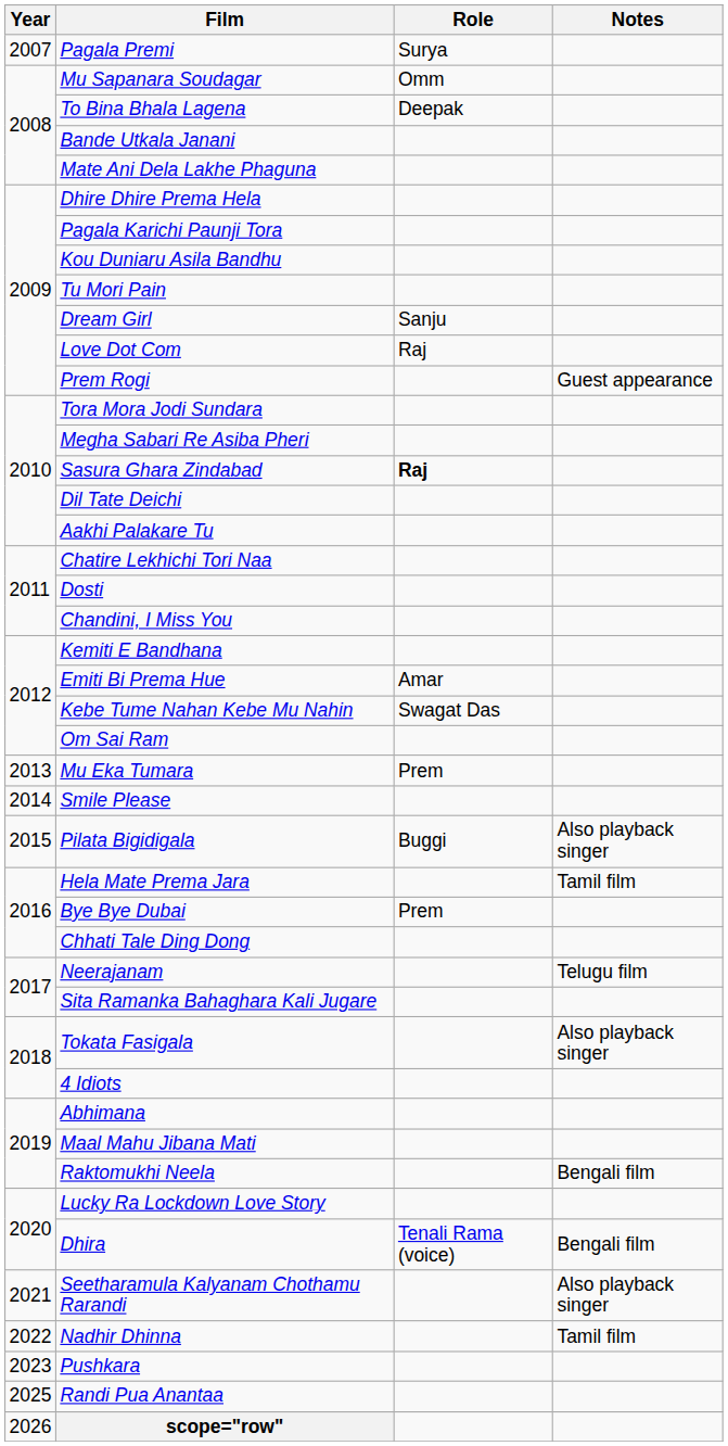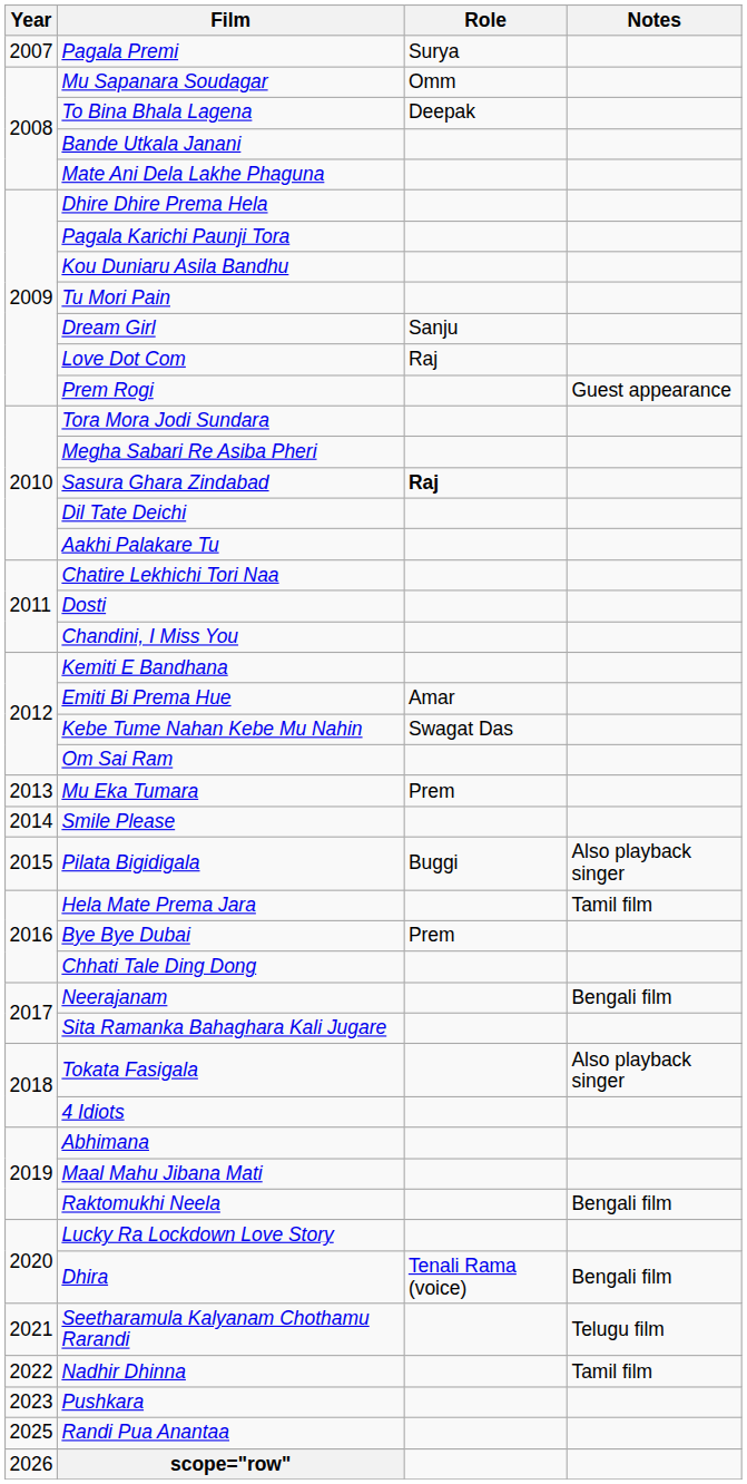 <table class="wikitable sortable">
 <tr>
 <th>Year</th>
 <th>Film</th>
 <th>Role</th>
 <th>Notes</th>
 </tr>
 <tr>
 <td>2007</td>
 <td><em><a href='#'>Pagala Premi</a></em></td>
 <td>Surya</td>
 <td></td>
 </tr>
 <tr>
 <td rowspan="4">2008</td>
 <td><em><a href='#'>Mu Sapanara Soudagar</a></em></td>
 <td>Omm</td>
 <td></td>
 </tr>
 <tr>
 <td><em><a href='#'>To Bina Bhala Lagena</a></em></td>
 <td>Deepak</td>
 <td></td>
 </tr>
 <tr>
 <td><em><a href='#'>Bande Utkala Janani</a></em></td>
 <td></td>
 <td></td>
 </tr>
 <tr>
 <td><em><a href='#'>Mate Ani Dela Lakhe Phaguna</a></em></td>
 <td></td>
 <td></td>
 </tr>
 <tr>
 <td rowspan="7">2009</td>
 <td><em><a href='#'>Dhire Dhire Prema Hela</a></em></td>
 <td></td>
 <td></td>
 </tr>
 <tr>
 <td><em><a href='#'>Pagala Karichi Paunji Tora</a></em></td>
 <td></td>
 <td></td>
 </tr>
 <tr>
 <td><em><a href='#'>Kou Duniaru Asila Bandhu</a></em></td>
 <td></td>
 <td></td>
 </tr>
 <tr>
 <td><em><a href='#'>Tu Mori Pain</a></em></td>
 <td></td>
 <td></td>
 </tr>
 <tr>
 <td><em><a href='#'>Dream Girl</a></em></td>
 <td>Sanju</td>
 <td></td>
 </tr>
 <tr>
 <td><em><a href='#'>Love Dot Com</a></em></td>
 <td>Raj</td>
 <td></td>
 </tr>
 <tr>
 <td><em><a href='#'>Prem Rogi</a></em></td>
 <td></td>
 <td>Guest appearance</td>
 </tr>
 <tr>
 <td rowspan="5">2010</td>
 <td><em><a href='#'>Tora Mora Jodi Sundara</a></em></td>
 <td></td>
 <td></td>
 </tr>
 <tr>
 <td><em><a href='#'>Megha Sabari Re Asiba Pheri</a></em></td>
 <td></td>
 <td></td>
 </tr>
 <tr>
 <td><em><a href='#'>Sasura Ghara Zindabad</a></em></td>
 <td><strong>Raj</strong></td>
 <td></td>
 </tr>
 <tr>
 <td><em><a href='#'>Dil Tate Deichi</a></em></td>
 <td></td>
 <td></td>
 </tr>
 <tr>
 <td><em><a href='#'>Aakhi Palakare Tu</a></em></td>
 <td></td>
 <td></td>
 </tr>
 <tr>
 <td rowspan="3">2011</td>
 <td><em><a href='#'>Chatire Lekhichi Tori Naa</a></em></td>
 <td></td>
 <td></td>
 </tr>
 <tr>
 <td><em><a href='#'>Dosti</a></em></td>
 <td></td>
 <td></td>
 </tr>
 <tr>
 <td><em><a href='#'>Chandini, I Miss You</a></em></td>
 <td></td>
 <td></td>
 </tr>
 <tr>
 <td rowspan="4">2012</td>
 <td><em><a href='#'>Kemiti E Bandhana</a></em></td>
 <td></td>
 <td></td>
 </tr>
 <tr>
 <td><em><a href='#'>Emiti Bi Prema Hue</a></em></td>
 <td>Amar</td>
 <td></td>
 </tr>
 <tr>
 <td><em><a href='#'>Kebe Tume Nahan Kebe Mu Nahin</a></em></td>
 <td>Swagat Das</td>
 <td></td>
 </tr>
 <tr>
 <td><em><a href='#'>Om Sai Ram</a></em></td>
 <td></td>
 <td></td>
 </tr>
 <tr>
 <td>2013</td>
 <td><em><a href='#'>Mu Eka Tumara</a></em></td>
 <td>Prem</td>
 <td></td>
 </tr>
 <tr>
 <td>2014</td>
 <td><em><a href='#'>Smile Please</a></em></td>
 <td></td>
 <td></td>
 </tr>
 <tr>
 <td>2015</td>
 <td><em><a href='#'>Pilata Bigidigala</a></em></td>
 <td>Buggi</td>
 <td>Also playback singer</td>
 </tr>
 <tr>
 <td rowspan="3">2016</td>
 <td><em><a href='#'>Hela Mate Prema Jara</a></em></td>
 <td></td>
 <td>Tamil film</td>
 </tr>
 <tr>
 <td><em><a href='#'>Bye Bye Dubai</a></em></td>
 <td>Prem</td>
 <td></td>
 </tr>
 <tr>
 <td><em><a href='#'>Chhati Tale Ding Dong</a></em></td>
 <td></td>
 <td></td>
 </tr>
 <tr>
 <td rowspan="2">2017</td>
 <td><em><a href='#'>Neerajanam</a></em></td>
 <td></td>
-<td>Telugu film</td>
+<td>Bengali film</td>
 </tr>
 <tr>
 <td><em><a href='#'>Sita Ramanka Bahaghara Kali Jugare</a></em></td>
 <td></td>
 <td></td>
 </tr>
 <tr>
 <td rowspan="2">2018</td>
 <td><em><a href='#'>Tokata Fasigala</a></em></td>
 <td></td>
 <td>Also playback singer</td>
 </tr>
 <tr>
 <td><em><a href='#'>4 Idiots</a></em></td>
 <td></td>
 <td></td>
 </tr>
 <tr>
 <td rowspan="3">2019</td>
 <td><em><a href='#'>Abhimana</a></em></td>
 <td></td>
 <td></td>
 </tr>
 <tr>
 <td><em><a href='#'>Maal Mahu Jibana Mati</a> </em></td>
 <td></td>
 <td></td>
 </tr>
 <tr>
 <td><em><a href='#'>Raktomukhi Neela</a></em></td>
 <td></td>
 <td>Bengali film</td>
 </tr>
 <tr>
 <td rowspan="2">2020</td>
 <td><em><a href='#'>Lucky Ra Lockdown Love Story</a></em></td>
 <td></td>
 <td></td>
 </tr>
 <tr>
 <td><em><a href='#'>Dhira</a></em></td>
 <td><a href='#'>Tenali Rama</a> (voice)</td>
 <td>Bengali film</td>
 </tr>
 <tr>
 <td>2021</td>
 <td><em><a href='#'>Seetharamula Kalyanam Chothamu Rarandi</a></em></td>
 <td></td>
-<td>Also playback singer</td>
+<td>Telugu film</td>
 </tr>
 <tr>
 <td>2022</td>
 <td><em><a href='#'>Nadhir Dhinna</a></em></td>
 <td></td>
 <td>Tamil film</td>
 </tr>
 <tr>
 <td>2023</td>
 <td><em><a href='#'>Pushkara</a></em></td>
 <td></td>
 <td></td>
 </tr>
 <tr>
 <td>2025</td>
 <td><em><a href='#'>Randi Pua Anantaa</a></em></td>
 <td></td>
 <td></td>
 </tr>
 <tr>
 <td>2026</td>
 <th>scope="row" </th>
 <td></td>
 <td></td>
 </tr>
 </table>
